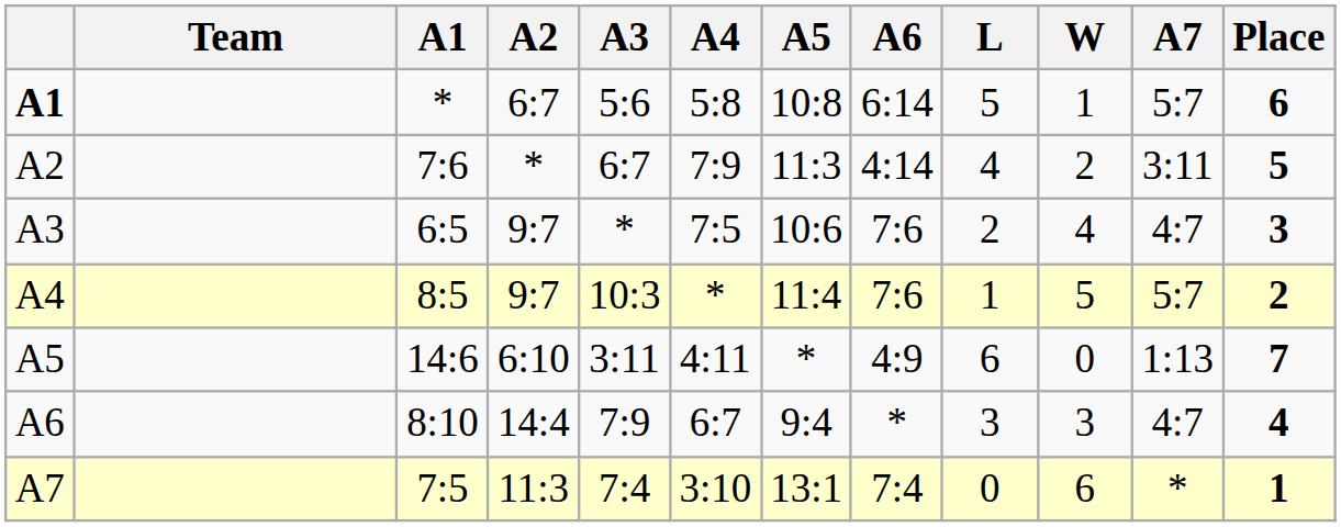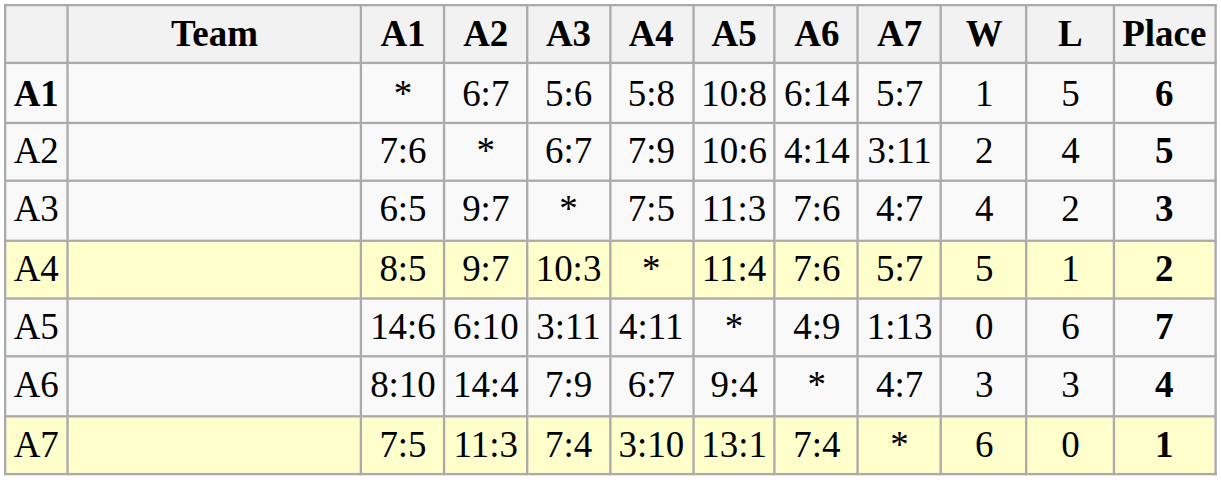 <table class="wikitable" style="text-align:center;">
 <tr>
 <th></th>
 <th width="120">Team</th>
 <th width="25">A1</th>
 <th width="25">A2</th>
 <th width="25">A3</th>
 <th width="25">A4</th>
 <th width="25">A5</th>
 <th width="25">A6</th>
+<th width="25">A7</th>
+<th width="30">W</th>
 <th width="30">L</th>
-<th width="30">W</th>
-<th width="25">A7</th>
 <th>Place</th>
 </tr>
 <tr>
 <td><strong>A1</strong></td>
 <td align=left></td>
 <td>*</td>
 <td>6:7</td>
 <td>5:6</td>
 <td>5:8</td>
 <td>10:8</td>
 <td>6:14</td>
+<td>5:7</td>
+<td>1</td>
 <td>5</td>
-<td>1</td>
-<td>5:7</td>
 <td><strong>6</strong></td>
 </tr>
 <tr>
 <td>A2</td>
 <td align=left></td>
 <td>7:6</td>
 <td>*</td>
 <td>6:7</td>
 <td>7:9</td>
-<td>11:3</td>
+<td>10:6</td>
 <td>4:14</td>
+<td>3:11</td>
+<td>2</td>
 <td>4</td>
-<td>2</td>
-<td>3:11</td>
 <td><strong>5</strong></td>
 </tr>
 <tr>
 <td>A3</td>
 <td align=left></td>
 <td>6:5</td>
 <td>9:7</td>
 <td>*</td>
 <td>7:5</td>
-<td>10:6</td>
+<td>11:3</td>
 <td>7:6</td>
+<td>4:7</td>
+<td>4</td>
 <td>2</td>
-<td>4</td>
-<td>4:7</td>
 <td><strong>3</strong></td>
 </tr>
 <tr bgcolor=#ffffcc>
 <td>A4</td>
 <td align=left></td>
 <td>8:5</td>
 <td>9:7</td>
 <td>10:3</td>
 <td>*</td>
 <td>11:4</td>
 <td>7:6</td>
+<td>5:7</td>
+<td>5</td>
 <td>1</td>
-<td>5</td>
-<td>5:7</td>
 <td><strong>2</strong></td>
 </tr>
 <tr>
 <td>A5</td>
 <td align=left></td>
 <td>14:6</td>
 <td>6:10</td>
 <td>3:11</td>
 <td>4:11</td>
 <td>*</td>
 <td>4:9</td>
+<td>1:13</td>
+<td>0</td>
 <td>6</td>
-<td>0</td>
-<td>1:13</td>
 <td><strong>7</strong></td>
 </tr>
 <tr>
 <td>A6</td>
 <td align=left></td>
 <td>8:10</td>
 <td>14:4</td>
 <td>7:9</td>
 <td>6:7</td>
 <td>9:4</td>
 <td>*</td>
+<td>4:7</td>
 <td>3</td>
 <td>3</td>
-<td>4:7</td>
 <td><strong>4</strong></td>
 </tr>
 <tr bgcolor=#ffffcc>
 <td>A7</td>
 <td align=left></td>
 <td>7:5</td>
 <td>11:3</td>
 <td>7:4</td>
 <td>3:10</td>
 <td>13:1</td>
 <td>7:4</td>
+<td>*</td>
+<td>6</td>
 <td>0</td>
-<td>6</td>
-<td>*</td>
 <td><strong>1</strong></td>
 </tr>
 </table>
